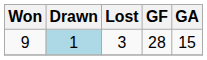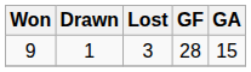 <table class="wikitable" style="text-align:center">
 <tr>
 <th>Won</th>
 <th>Drawn</th>
 <th>Lost</th>
 <th>GF</th>
 <th>GA</th>
 </tr>
 <tr>
 <td>9</td>
-<td style="background: lightblue;">1</td>
+<td>1</td>
 <td>3</td>
 <td>28</td>
 <td>15</td>
 </tr>
 <tr>
 </tr>
 </table>
